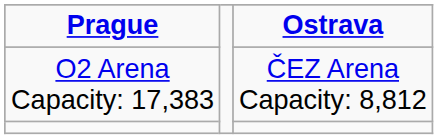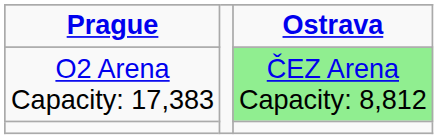 <table class="wikitable" style="text-align:center;">
 <tr>
 <td><strong><a href='#'>Prague</a></strong></td>
 <td rowspan="3"></td>
 <td><strong><a href='#'>Ostrava</a></strong></td>
 </tr>
 <tr>
 <td><a href='#'>O2 Arena</a><br>Capacity: 17,383</td>
-<td><a href='#'>ČEZ Arena</a><br>Capacity: 8,812</td>
+<td style="background: lightgreen;"><a href='#'>ČEZ Arena</a><br>Capacity: 8,812</td>
 </tr>
 <tr>
 <td></td>
 <td></td>
 </tr>
 </table>
